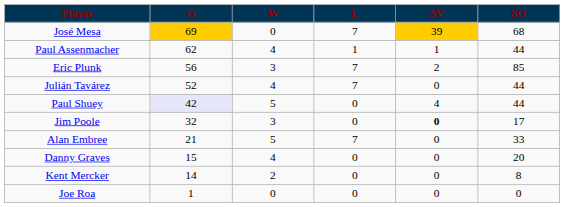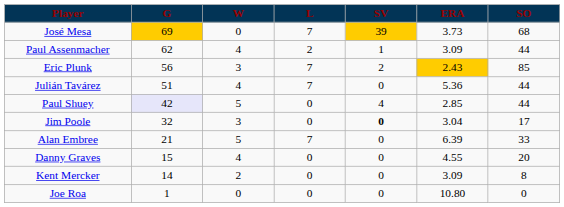 <table class="wikitable sortable">
 <tr>
 <th style="background:#023456;color:#990000;"  width="16%">Player</th>
 <th style="background:#023456;color:#990000;"  width="9%">G</th>
 <th style="background:#023456;color:#990000;"  width="9%">W</th>
 <th style="background:#023456;color:#990000;"  width="9%">L</th>
 <th style="background:#023456;color:#990000;"  width="9%">SV</th>
+<th style="background:#023456;color:#990000;"  width="9%">ERA</th>
 <th style="background:#023456;color:#990000;"  width="9%">SO</th>
 </tr>
 <tr align="center">
 <td><a href='#'>José Mesa</a></td>
 <td style="background:#fc0;">69</td>
 <td>0</td>
 <td>7</td>
 <td style="background:#fc0;">39</td>
+<td>3.73</td>
 <td>68</td>
 </tr>
 <tr align="center">
 <td><a href='#'>Paul Assenmacher</a></td>
 <td>62</td>
 <td>4</td>
+<td>2</td>
 <td>1</td>
-<td>1</td>
+<td>3.09</td>
 <td>44</td>
 </tr>
 <tr align="center">
 <td><a href='#'>Eric Plunk</a></td>
 <td>56</td>
 <td>3</td>
 <td>7</td>
 <td>2</td>
+<td style="background:#fc0;">2.43</td>
 <td>85</td>
 </tr>
 <tr align="center">
 <td><a href='#'>Julián Tavárez</a></td>
-<td>52</td>
+<td>51</td>
 <td>4</td>
 <td>7</td>
 <td>0</td>
+<td>5.36</td>
 <td>44</td>
 </tr>
 <tr align="center">
 <td><a href='#'>Paul Shuey</a></td>
 <td style="background: lavender;">42</td>
 <td>5</td>
 <td>0</td>
 <td>4</td>
+<td>2.85</td>
 <td>44</td>
 </tr>
 <tr align="center">
 <td><a href='#'>Jim Poole</a></td>
 <td>32</td>
 <td>3</td>
 <td>0</td>
 <td><strong>0</strong></td>
+<td>3.04</td>
 <td>17</td>
 </tr>
 <tr align="center">
 <td><a href='#'>Alan Embree</a></td>
 <td>21</td>
 <td>5</td>
 <td>7</td>
 <td>0</td>
+<td>6.39</td>
 <td>33</td>
 </tr>
 <tr align="center">
 <td><a href='#'>Danny Graves</a></td>
 <td>15</td>
 <td>4</td>
 <td>0</td>
 <td>0</td>
+<td>4.55</td>
 <td>20</td>
 </tr>
 <tr align="center">
 <td><a href='#'>Kent Mercker</a></td>
 <td>14</td>
 <td>2</td>
 <td>0</td>
 <td>0</td>
+<td>3.09</td>
 <td>8</td>
 </tr>
 <tr align="center">
 <td><a href='#'>Joe Roa</a></td>
 <td>1</td>
 <td>0</td>
 <td>0</td>
 <td>0</td>
+<td>10.80</td>
 <td>0</td>
 </tr>
 </table>
